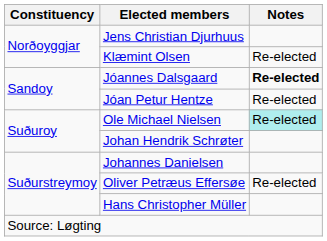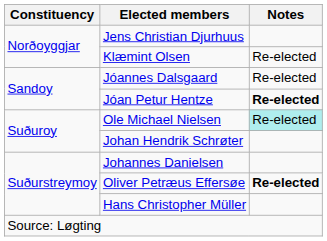 <table class=wikitable>
 <tr>
 <th>Constituency</th>
 <th>Elected members</th>
 <th>Notes</th>
 </tr>
 <tr>
 <td rowspan=2><a href='#'>Norðoyggjar</a></td>
 <td><a href='#'>Jens Christian Djurhuus</a></td>
 <td></td>
 </tr>
 <tr>
 <td><a href='#'>Klæmint Olsen</a></td>
 <td>Re-elected</td>
 </tr>
 <tr>
 <td rowspan=2><a href='#'>Sandoy</a></td>
 <td><a href='#'>Jóannes Dalsgaard</a></td>
-<td><strong>Re-elected</strong></td>
+<td>Re-elected</td>
 </tr>
 <tr>
 <td><a href='#'>Jóan Petur Hentze</a></td>
-<td>Re-elected</td>
+<td><strong>Re-elected</strong></td>
 </tr>
 <tr>
 <td rowspan=2><a href='#'>Suðuroy</a></td>
 <td><a href='#'>Ole Michael Nielsen</a></td>
 <td style="background: paleturquoise;">Re-elected</td>
 </tr>
 <tr>
 <td><a href='#'>Johan Hendrik Schrøter</a></td>
 </tr>
 <tr>
 <td rowspan=3><a href='#'>Suðurstreymoy</a></td>
 <td><a href='#'>Johannes Danielsen</a></td>
 <td></td>
 </tr>
 <tr>
 <td><a href='#'>Oliver Petræus Effersøe</a></td>
-<td>Re-elected</td>
+<td><strong>Re-elected</strong></td>
 </tr>
 <tr>
 <td><a href='#'>Hans Christopher Müller</a></td>
 <td></td>
 </tr>
 <tr>
 <td colspan=3>Source: Løgting</td>
 </tr>
 </table>
